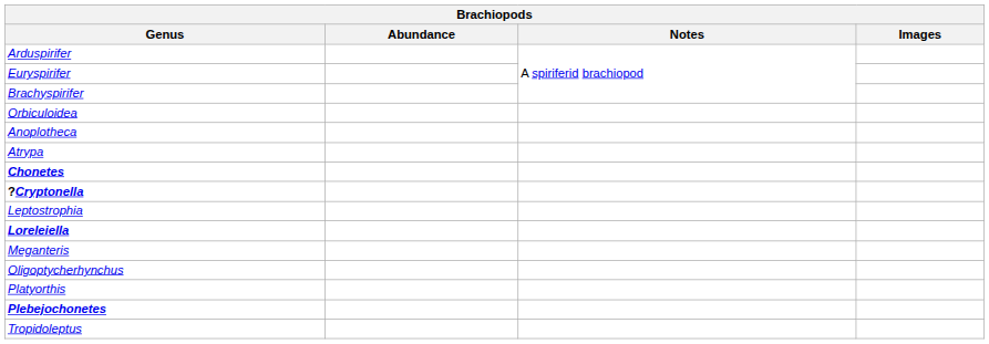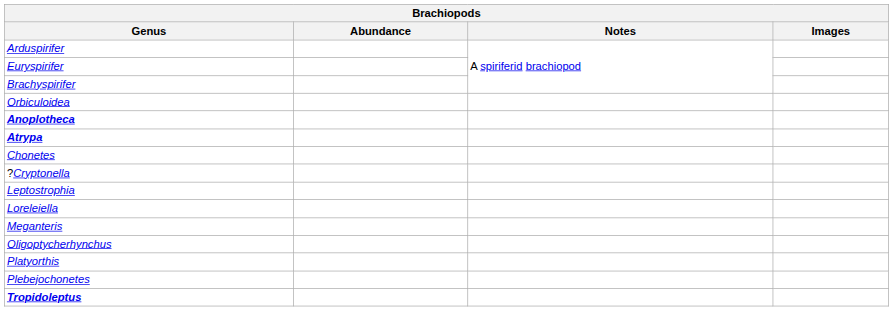 <table class="wikitable sortable" style="background:white; width:100%;">
 <tr>
 <th colspan="5" align="center">Brachiopods</th>
 </tr>
 <tr>
 <th>Genus</th>
 <th>Abundance</th>
 <th>Notes</th>
 <th>Images</th>
 </tr>
 <tr>
 <td><em><a href='#'>Arduspirifer</a></em></td>
 <td></td>
 <td rowspan="3">A <a href='#'>spiriferid</a> <a href='#'>brachiopod</a></td>
 <td></td>
 </tr>
 <tr>
 <td><em><a href='#'>Euryspirifer</a></em></td>
 <td></td>
 <td></td>
 </tr>
 <tr>
 <td><em><a href='#'>Brachyspirifer</a></em></td>
 <td></td>
 <td></td>
 </tr>
 <tr>
 <td><em><a href='#'>Orbiculoidea</a></em></td>
 <td></td>
 <td></td>
 <td></td>
 </tr>
 <tr>
-<td><em><a href='#'>Anoplotheca</a></em></td>
+<td><strong><em><a href='#'>Anoplotheca</a></em></strong></td>
 <td></td>
 <td></td>
 <td></td>
 </tr>
 <tr>
-<td><em><a href='#'>Atrypa</a></em></td>
+<td><strong><em><a href='#'>Atrypa</a></em></strong></td>
 <td></td>
 <td></td>
 <td></td>
 </tr>
 <tr>
-<td><strong><em><a href='#'>Chonetes</a></em></strong></td>
+<td><em><a href='#'>Chonetes</a></em></td>
 <td></td>
 <td></td>
 <td></td>
 </tr>
 <tr>
-<td><strong>?<em><a href='#'>Cryptonella</a></em></strong></td>
+<td>?<em><a href='#'>Cryptonella</a></em></td>
 <td></td>
 <td></td>
 <td></td>
 </tr>
 <tr>
 <td><em><a href='#'>Leptostrophia</a></em></td>
 <td></td>
 <td></td>
 <td></td>
 </tr>
 <tr>
-<td><strong><em><a href='#'>Loreleiella</a></em></strong></td>
+<td><em><a href='#'>Loreleiella</a></em></td>
 <td></td>
 <td></td>
 <td></td>
 </tr>
 <tr>
 <td><em><a href='#'>Meganteris</a></em></td>
 <td></td>
 <td></td>
 <td></td>
 </tr>
 <tr>
 <td><em><a href='#'>Oligoptycherhynchus</a></em></td>
 <td></td>
 <td></td>
 <td></td>
 </tr>
 <tr>
 <td><em><a href='#'>Platyorthis</a></em></td>
 <td></td>
 <td></td>
 <td></td>
 </tr>
 <tr>
-<td><strong><em><a href='#'>Plebejochonetes</a></em></strong></td>
+<td><em><a href='#'>Plebejochonetes</a></em></td>
 <td></td>
 <td></td>
 <td></td>
 </tr>
 <tr>
-<td><em><a href='#'>Tropidoleptus</a></em></td>
+<td><strong><em><a href='#'>Tropidoleptus</a></em></strong></td>
 <td></td>
 <td></td>
 <td></td>
 </tr>
 </table>
